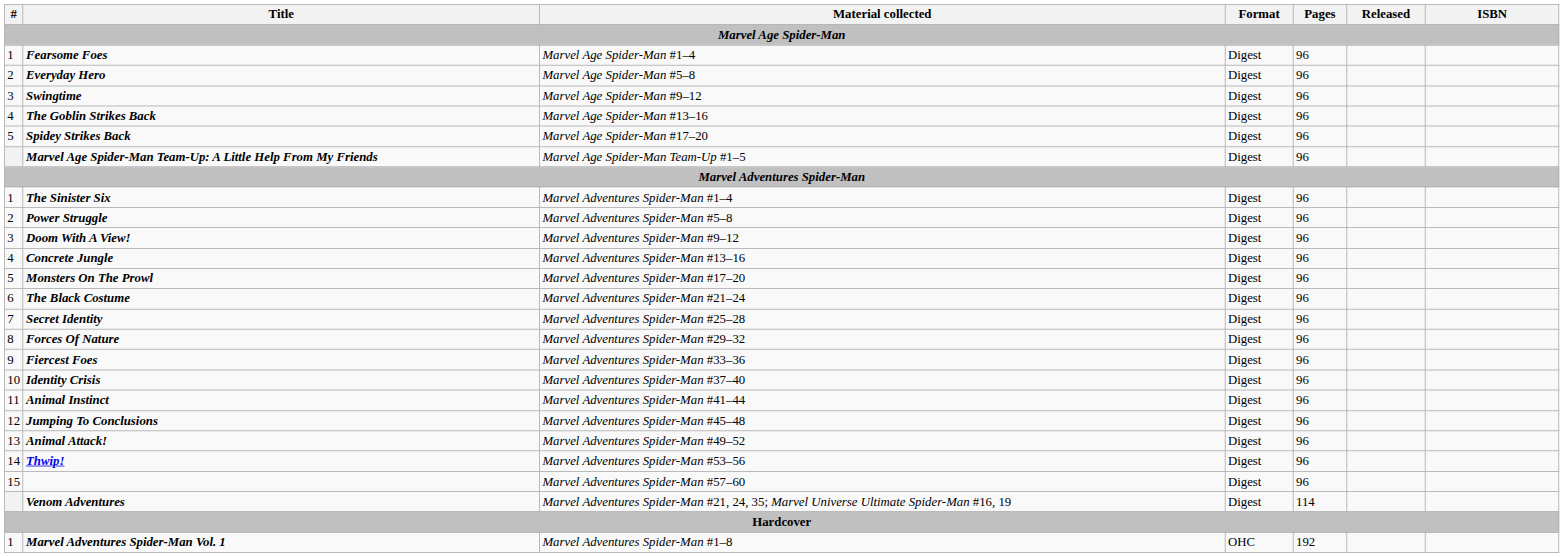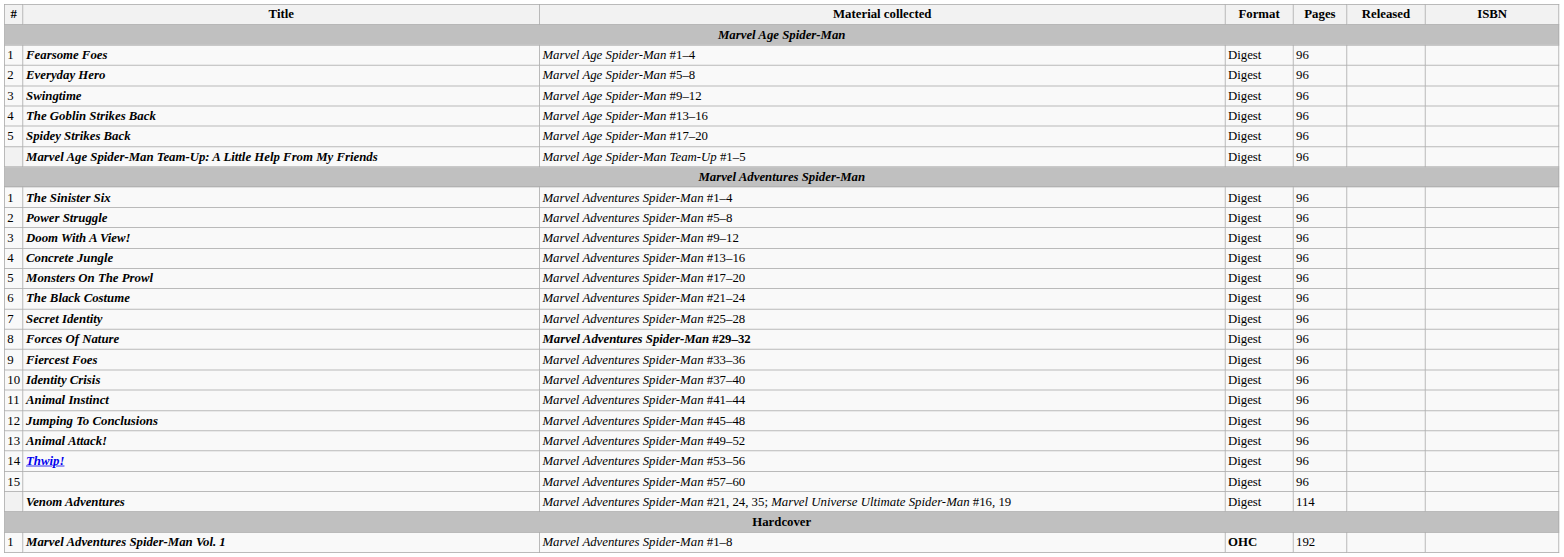 <table class="wikitable sortable" width=98%>
 <tr>
 <th width=4px>#</th>
 <th>Title</th>
 <th>Material collected</th>
 <th class="unsortable">Format</th>
 <th>Pages</th>
 <th>Released</th>
 <th class="unsortable" style="width: 10em;">ISBN</th>
 </tr>
 <tr>
 <th colspan="7" style="background-color: silver;"><em>Marvel Age Spider-Man</em></th>
 </tr>
 <tr>
 <td>1</td>
 <td><strong><em>Fearsome Foes</em></strong></td>
 <td><em>Marvel Age Spider-Man</em> #1–4</td>
 <td>Digest</td>
 <td>96</td>
 <td></td>
 <td></td>
 </tr>
 <tr>
 <td>2</td>
 <td><strong><em>Everyday Hero</em></strong></td>
 <td><em>Marvel Age Spider-Man</em> #5–8</td>
 <td>Digest</td>
 <td>96</td>
 <td></td>
 <td></td>
 </tr>
 <tr>
 <td>3</td>
 <td><strong><em>Swingtime</em></strong></td>
 <td><em>Marvel Age Spider-Man</em> #9–12</td>
 <td>Digest</td>
 <td>96</td>
 <td></td>
 <td></td>
 </tr>
 <tr>
 <td>4</td>
 <td><strong><em>The Goblin Strikes Back</em></strong></td>
 <td><em>Marvel Age Spider-Man</em> #13–16</td>
 <td>Digest</td>
 <td>96</td>
 <td></td>
 <td></td>
 </tr>
 <tr>
 <td>5</td>
 <td><strong><em>Spidey Strikes Back</em></strong></td>
 <td><em>Marvel Age Spider-Man</em> #17–20</td>
 <td>Digest</td>
 <td>96</td>
 <td></td>
 <td></td>
 </tr>
 <tr>
 <th style="background-color: light grey;"></th>
 <td><strong><em>Marvel Age Spider-Man Team-Up: A Little Help From My Friends</em></strong></td>
 <td><em>Marvel Age Spider-Man Team-Up</em> #1–5</td>
 <td>Digest</td>
 <td>96</td>
 <td></td>
 <td></td>
 </tr>
 <tr>
 <th colspan="7" style="background-color: silver;"><em>Marvel Adventures Spider-Man</em></th>
 </tr>
 <tr>
 <td>1</td>
 <td><strong><em>The Sinister Six</em></strong></td>
 <td><em>Marvel Adventures Spider-Man</em> #1–4</td>
 <td>Digest</td>
 <td>96</td>
 <td></td>
 <td></td>
 </tr>
 <tr>
 <td>2</td>
 <td><strong><em>Power Struggle</em></strong></td>
 <td><em>Marvel Adventures Spider-Man</em> #5–8</td>
 <td>Digest</td>
 <td>96</td>
 <td></td>
 <td></td>
 </tr>
 <tr>
 <td>3</td>
 <td><strong><em>Doom With A View!</em></strong></td>
 <td><em>Marvel Adventures Spider-Man</em> #9–12</td>
 <td>Digest</td>
 <td>96</td>
 <td></td>
 <td></td>
 </tr>
 <tr>
 <td>4</td>
 <td><strong><em>Concrete Jungle</em></strong></td>
 <td><em>Marvel Adventures Spider-Man</em> #13–16</td>
 <td>Digest</td>
 <td>96</td>
 <td></td>
 <td></td>
 </tr>
 <tr>
 <td>5</td>
 <td><strong><em>Monsters On The Prowl</em></strong></td>
 <td><em>Marvel Adventures Spider-Man</em> #17–20</td>
 <td>Digest</td>
 <td>96</td>
 <td></td>
 <td></td>
 </tr>
 <tr>
 <td>6</td>
 <td><strong><em>The Black Costume</em></strong></td>
 <td><em>Marvel Adventures Spider-Man</em> #21–24</td>
 <td>Digest</td>
 <td>96</td>
 <td></td>
 <td></td>
 </tr>
 <tr>
 <td>7</td>
 <td><strong><em>Secret Identity</em></strong></td>
 <td><em>Marvel Adventures Spider-Man</em> #25–28</td>
 <td>Digest</td>
 <td>96</td>
 <td></td>
 <td></td>
 </tr>
 <tr>
 <td>8</td>
 <td><strong><em>Forces Of Nature</em></strong></td>
-<td><em>Marvel Adventures Spider-Man</em> #29–32</td>
+<td><strong><em>Marvel Adventures Spider-Man</em> #29–32</strong></td>
 <td>Digest</td>
 <td>96</td>
 <td></td>
 <td></td>
 </tr>
 <tr>
 <td>9</td>
 <td><strong><em>Fiercest Foes</em></strong></td>
 <td><em>Marvel Adventures Spider-Man</em> #33–36</td>
 <td>Digest</td>
 <td>96</td>
 <td></td>
 <td></td>
 </tr>
 <tr>
 <td>10</td>
 <td><strong><em>Identity Crisis</em></strong></td>
 <td><em>Marvel Adventures Spider-Man</em> #37–40</td>
 <td>Digest</td>
 <td>96</td>
 <td></td>
 <td></td>
 </tr>
 <tr>
 <td>11</td>
 <td><strong><em>Animal Instinct</em></strong></td>
 <td><em>Marvel Adventures Spider-Man</em> #41–44</td>
 <td>Digest</td>
 <td>96</td>
 <td></td>
 <td></td>
 </tr>
 <tr>
 <td>12</td>
 <td><strong><em>Jumping To Conclusions</em></strong></td>
 <td><em>Marvel Adventures Spider-Man</em> #45–48</td>
 <td>Digest</td>
 <td>96</td>
 <td></td>
 <td></td>
 </tr>
 <tr>
 <td>13</td>
 <td><strong><em>Animal Attack!</em></strong></td>
 <td><em>Marvel Adventures Spider-Man</em> #49–52</td>
 <td>Digest</td>
 <td>96</td>
 <td></td>
 <td></td>
 </tr>
 <tr>
 <td>14</td>
 <td><strong><em><a href='#'>Thwip!</a></em></strong></td>
 <td><em>Marvel Adventures Spider-Man</em> #53–56</td>
 <td>Digest</td>
 <td>96</td>
 <td></td>
 <td></td>
 </tr>
 <tr>
 <td>15</td>
 <td><strong><em></em></strong></td>
 <td><em>Marvel Adventures Spider-Man</em> #57–60</td>
 <td>Digest</td>
 <td>96</td>
 <td></td>
 <td></td>
 </tr>
 <tr>
 <th style="background-color: light grey;"></th>
 <td><strong><em>Venom Adventures</em></strong></td>
 <td><em>Marvel Adventures Spider-Man</em> #21, 24, 35; <em>Marvel Universe Ultimate Spider-Man</em> #16, 19</td>
 <td>Digest</td>
 <td>114</td>
 <td></td>
 <td></td>
 </tr>
 <tr>
 <th colspan="7" style="background-color: silver;">Hardcover</th>
 </tr>
 <tr>
 <td>1</td>
 <td><strong><em>Marvel Adventures Spider-Man Vol. 1</em></strong></td>
 <td><em>Marvel Adventures Spider-Man</em> #1–8</td>
-<td>OHC</td>
+<td><strong>OHC</strong></td>
 <td>192</td>
 <td></td>
 <td></td>
 </tr>
 </table>
